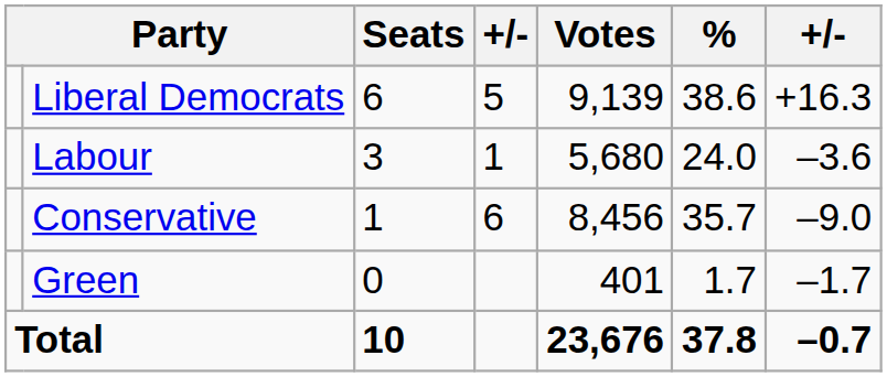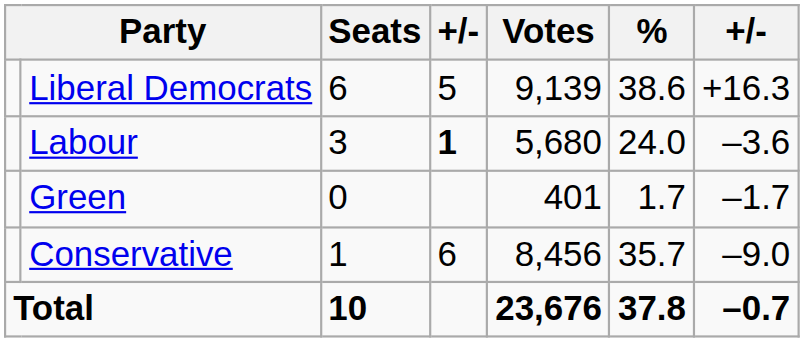 <table class="wikitable sortable">
 <tr>
 <th colspan="2">Party</th>
 <th>Seats</th>
 <th>+/-</th>
 <th>Votes</th>
 <th>%</th>
 <th>+/-</th>
 </tr>
 <tr>
 <td style="background-color: "></td>
 <td><a href='#'>Liberal Democrats</a></td>
 <td>6</td>
 <td> 5</td>
 <td style="text-align:right;">9,139</td>
 <td style="text-align:right;">38.6</td>
 <td style="text-align:right;">+16.3</td>
 </tr>
 <tr>
 <td style="background-color: "></td>
 <td><a href='#'>Labour</a></td>
 <td>3</td>
-<td> 1</td>
+<td><strong> 1</strong></td>
 <td style="text-align:right;">5,680</td>
 <td style="text-align:right;">24.0</td>
 <td style="text-align:right;">–3.6</td>
+</tr>
+<tr>
+<td style="background-color: "></td>
+<td><a href='#'>Green</a></td>
+<td>0</td>
+<td></td>
+<td style="text-align:right;">401</td>
+<td style="text-align:right;">1.7</td>
+<td style="text-align:right;">–1.7</td>
 </tr>
 <tr>
 <td style="background-color: "></td>
 <td><a href='#'>Conservative</a></td>
 <td>1</td>
 <td> 6</td>
 <td style="text-align:right;">8,456</td>
 <td style="text-align:right;">35.7</td>
 <td style="text-align:right;">–9.0</td>
 </tr>
 <tr>
-<td style="background-color: "></td>
-<td><a href='#'>Green</a></td>
-<td>0</td>
-<td></td>
-<td style="text-align:right;">401</td>
-<td style="text-align:right;">1.7</td>
-<td style="text-align:right;">–1.7</td>
-</tr>
-<tr>
 <td colspan="2"><strong>Total</strong></td>
 <td><strong>10</strong></td>
 <td></td>
 <td style="text-align:right;"><strong>23,676</strong></td>
 <td style="text-align:right;"><strong>37.8</strong></td>
 <td style="text-align:right;"><strong>–0.7</strong></td>
 </tr>
 </table>
